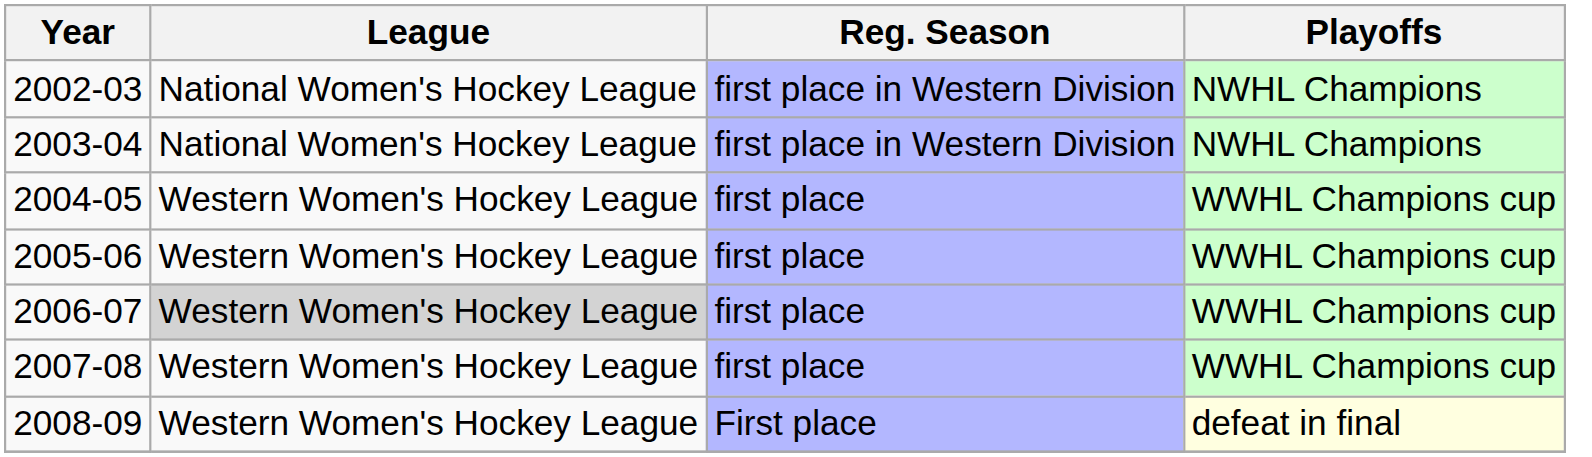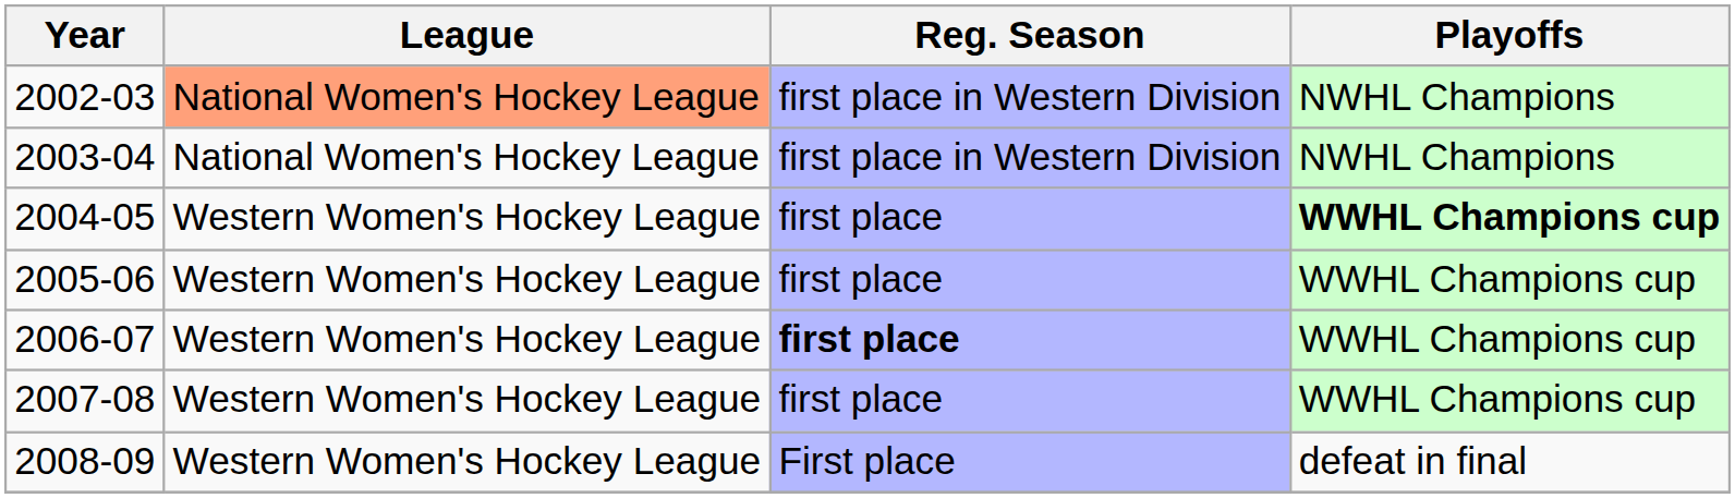 <table class="wikitable">
 <tr>
 <th>Year</th>
 <th>League</th>
 <th>Reg. Season</th>
 <th>Playoffs</th>
 </tr>
 <tr>
 <td>2002-03</td>
-<td>National Women's Hockey League</td>
+<td style="background: lightsalmon;">National Women's Hockey League</td>
 <td style="background:#B3B7FF">first place in Western Division</td>
 <td style="background:#CCFFCC">NWHL Champions</td>
 </tr>
 <tr>
 <td>2003-04</td>
 <td>National Women's Hockey League</td>
 <td style="background:#B3B7FF">first place in Western Division</td>
 <td style="background:#CCFFCC">NWHL Champions</td>
 </tr>
 <tr>
 <td>2004-05</td>
 <td>Western Women's Hockey League</td>
 <td style="background:#B3B7FF">first place</td>
-<td style="background:#CCFFCC">WWHL Champions cup</td>
+<td style="background:#CCFFCC"><strong>WWHL Champions cup</strong></td>
 </tr>
 <tr>
 <td>2005-06</td>
 <td>Western Women's Hockey League</td>
 <td style="background:#B3B7FF">first place</td>
 <td style="background:#CCFFCC">WWHL Champions cup</td>
 </tr>
 <tr>
 <td>2006-07</td>
-<td style="background: lightgrey;">Western Women's Hockey League</td>
-<td style="background:#B3B7FF">first place</td>
+<td>Western Women's Hockey League</td>
+<td style="background:#B3B7FF"><strong>first place</strong></td>
 <td style="background:#CCFFCC">WWHL Champions cup</td>
 </tr>
 <tr>
 <td>2007-08</td>
 <td>Western Women's Hockey League</td>
 <td style="background:#B3B7FF">first place</td>
 <td style="background:#CCFFCC">WWHL Champions cup</td>
 </tr>
 <tr>
 <td>2008-09</td>
 <td>Western Women's Hockey League</td>
 <td style="background:#B3B7FF">First place</td>
-<td style="background: lightyellow;">defeat in final</td>
+<td>defeat in final</td>
 </tr>
 <tr>
 </tr>
 </table>
